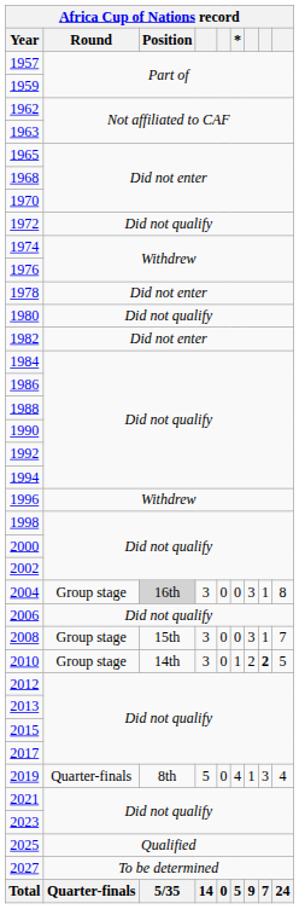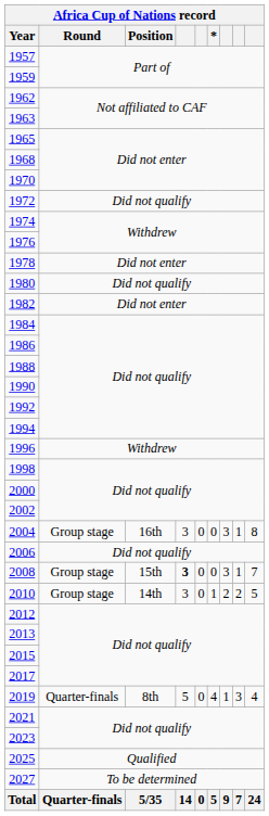 <table class="wikitable" style="text-align: center;">
 <tr>
 <th colspan=9><a href='#'>Africa Cup of Nations</a> record</th>
 </tr>
 <tr>
 <th>Year</th>
 <th>Round</th>
 <th>Position</th>
 <th></th>
 <th></th>
 <th>*</th>
 <th></th>
 <th></th>
 <th></th>
 </tr>
 <tr>
 <td> <a href='#'>1957</a></td>
 <td colspan=8 rowspan=2><em>Part of </em></td>
 </tr>
 <tr>
 <td> <a href='#'>1959</a></td>
 </tr>
 <tr>
 <td> <a href='#'>1962</a></td>
 <td rowspan=2 colspan=8><em>Not affiliated to CAF</em></td>
 </tr>
 <tr>
 <td> <a href='#'>1963</a></td>
 </tr>
 <tr>
 <td> <a href='#'>1965</a></td>
 <td rowspan=3 colspan=8><em>Did not enter</em></td>
 </tr>
 <tr>
 <td> <a href='#'>1968</a></td>
 </tr>
 <tr>
 <td> <a href='#'>1970</a></td>
 </tr>
 <tr>
 <td> <a href='#'>1972</a></td>
 <td colspan=8><em>Did not qualify</em></td>
 </tr>
 <tr>
 <td> <a href='#'>1974</a></td>
 <td colspan=8 rowspan=2><em>Withdrew</em></td>
 </tr>
 <tr>
 <td> <a href='#'>1976</a></td>
 </tr>
 <tr>
 <td> <a href='#'>1978</a></td>
 <td colspan=8><em>Did not enter</em></td>
 </tr>
 <tr>
 <td> <a href='#'>1980</a></td>
 <td colspan=8><em>Did not qualify</em></td>
 </tr>
 <tr>
 <td> <a href='#'>1982</a></td>
 <td colspan=8><em>Did not enter</em></td>
 </tr>
 <tr>
 <td> <a href='#'>1984</a></td>
 <td colspan=8 rowspan=6><em>Did not qualify</em></td>
 </tr>
 <tr>
 <td> <a href='#'>1986</a></td>
 </tr>
 <tr>
 <td> <a href='#'>1988</a></td>
 </tr>
 <tr>
 <td> <a href='#'>1990</a></td>
 </tr>
 <tr>
 <td> <a href='#'>1992</a></td>
 </tr>
 <tr>
 <td> <a href='#'>1994</a></td>
 </tr>
 <tr>
 <td> <a href='#'>1996</a></td>
 <td colspan=8><em>Withdrew</em></td>
 </tr>
 <tr>
 <td> <a href='#'>1998</a></td>
 <td colspan=8 rowspan=3><em>Did not qualify</em></td>
 </tr>
 <tr>
 <td>  <a href='#'>2000</a></td>
 </tr>
 <tr>
 <td> <a href='#'>2002</a></td>
 </tr>
 <tr>
 <td> <a href='#'>2004</a></td>
 <td>Group stage</td>
-<td style="background: lightgrey;">16th</td>
+<td>16th</td>
 <td>3</td>
 <td>0</td>
 <td>0</td>
 <td>3</td>
 <td>1</td>
 <td>8</td>
 </tr>
 <tr>
 <td> <a href='#'>2006</a></td>
 <td colspan=8><em>Did not qualify</em></td>
 </tr>
 <tr>
 <td> <a href='#'>2008</a></td>
 <td>Group stage</td>
 <td>15th</td>
-<td>3</td>
+<td><strong>3</strong></td>
 <td>0</td>
 <td>0</td>
 <td>3</td>
 <td>1</td>
 <td>7</td>
 </tr>
 <tr>
 <td> <a href='#'>2010</a></td>
 <td>Group stage</td>
 <td>14th</td>
 <td>3</td>
 <td>0</td>
 <td>1</td>
 <td>2</td>
-<td><strong>2</strong></td>
+<td>2</td>
 <td>5</td>
 </tr>
 <tr>
 <td>  <a href='#'>2012</a></td>
 <td colspan=8 rowspan=4><em>Did not qualify</em></td>
 </tr>
 <tr>
 <td> <a href='#'>2013</a></td>
 </tr>
 <tr>
 <td> <a href='#'>2015</a></td>
 </tr>
 <tr>
 <td> <a href='#'>2017</a></td>
 </tr>
 <tr>
 <td> <a href='#'>2019</a></td>
 <td>Quarter-finals</td>
 <td>8th</td>
 <td>5</td>
 <td>0</td>
 <td>4</td>
 <td>1</td>
 <td>3</td>
 <td>4</td>
 </tr>
 <tr>
 <td> <a href='#'>2021</a></td>
 <td rowspan=2 colspan=8><em>Did not qualify</em></td>
 </tr>
 <tr>
 <td> <a href='#'>2023</a></td>
 </tr>
 <tr>
 <td> <a href='#'>2025</a></td>
 <td colspan=8><em>Qualified</em></td>
 </tr>
 <tr>
 <td>   <a href='#'>2027</a></td>
 <td colspan=8><em>To be determined</em></td>
 </tr>
 <tr>
 <th>Total</th>
 <th>Quarter-finals</th>
 <th>5/35</th>
 <th>14</th>
 <th>0</th>
 <th>5</th>
 <th>9</th>
 <th>7</th>
 <th>24</th>
 </tr>
 </table>
